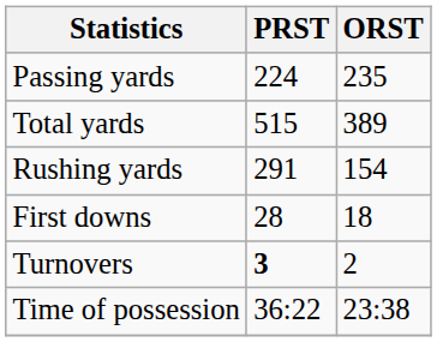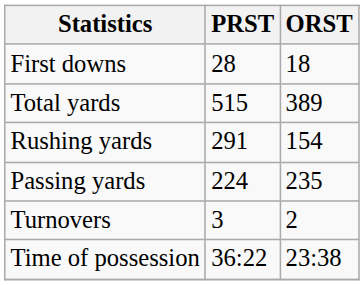 <table class="wikitable" style="float: left;">
 <tr>
 <th>Statistics</th>
 <th>PRST</th>
 <th>ORST</th>
 </tr>
 <tr>
-<td>Passing yards</td>
-<td>224</td>
-<td>235</td>
+<td>First downs</td>
+<td>28</td>
+<td>18</td>
 </tr>
 <tr>
 <td>Total yards</td>
 <td>515</td>
 <td>389</td>
 </tr>
 <tr>
 <td>Rushing yards</td>
 <td>291</td>
 <td>154</td>
 </tr>
 <tr>
-<td>First downs</td>
-<td>28</td>
-<td>18</td>
+<td>Passing yards</td>
+<td>224</td>
+<td>235</td>
 </tr>
 <tr>
 <td>Turnovers</td>
-<td><strong>3</strong></td>
+<td>3</td>
 <td>2</td>
 </tr>
 <tr>
 <td>Time of possession</td>
 <td>36:22</td>
 <td>23:38</td>
 </tr>
 <tr>
 </tr>
 </table>
